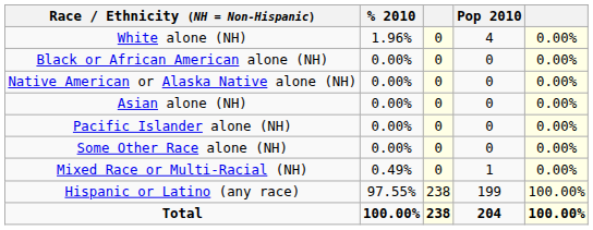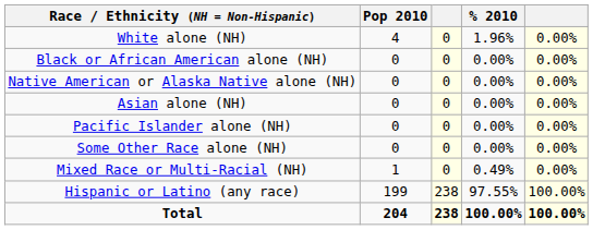 <table class="wikitable" style="text-align:center;">
 <tr>
 <th>Race / Ethnicity <small>(<em>NH = Non-Hispanic</em>)</small></th>
+<th>Pop 2010</th>
+<th></th>
 <th>% 2010</th>
-<th></th>
-<th>Pop 2010</th>
 <th></th>
 </tr>
 <tr>
 <td><a href='#'>White</a> alone (NH)</td>
+<td>4</td>
+<td style='background: #ffffe6;'>0</td>
 <td>1.96%</td>
-<td style='background: #ffffe6;'>0</td>
-<td>4</td>
 <td style='background: #ffffe6;'>0.00%</td>
 </tr>
 <tr>
 <td><a href='#'>Black or African American</a> alone (NH)</td>
+<td>0</td>
+<td style='background: #ffffe6;'>0</td>
 <td>0.00%</td>
-<td style='background: #ffffe6;'>0</td>
-<td>0</td>
 <td style='background: #ffffe6;'>0.00%</td>
 </tr>
 <tr>
 <td><a href='#'>Native American</a> or <a href='#'>Alaska Native</a> alone (NH)</td>
+<td>0</td>
+<td style='background: #ffffe6;'>0</td>
 <td>0.00%</td>
-<td style='background: #ffffe6;'>0</td>
-<td>0</td>
 <td style='background: #ffffe6;'>0.00%</td>
 </tr>
 <tr>
 <td><a href='#'>Asian</a> alone (NH)</td>
+<td>0</td>
+<td style='background: #ffffe6;'>0</td>
 <td>0.00%</td>
-<td style='background: #ffffe6;'>0</td>
-<td>0</td>
 <td style='background: #ffffe6;'>0.00%</td>
 </tr>
 <tr>
 <td><a href='#'>Pacific Islander</a> alone (NH)</td>
+<td>0</td>
+<td style='background: #ffffe6;'>0</td>
 <td>0.00%</td>
-<td style='background: #ffffe6;'>0</td>
-<td>0</td>
 <td style='background: #ffffe6;'>0.00%</td>
 </tr>
 <tr>
 <td><a href='#'>Some Other Race</a> alone (NH)</td>
+<td>0</td>
+<td style='background: #ffffe6;'>0</td>
 <td>0.00%</td>
-<td style='background: #ffffe6;'>0</td>
-<td>0</td>
 <td style='background: #ffffe6;'>0.00%</td>
 </tr>
 <tr>
 <td><a href='#'>Mixed Race or Multi-Racial</a> (NH)</td>
+<td>1</td>
+<td style='background: #ffffe6;'>0</td>
 <td>0.49%</td>
-<td style='background: #ffffe6;'>0</td>
-<td>1</td>
 <td style='background: #ffffe6;'>0.00%</td>
 </tr>
 <tr>
 <td><a href='#'>Hispanic or Latino</a> (any race)</td>
+<td>199</td>
+<td style='background: #ffffe6;'>238</td>
 <td>97.55%</td>
-<td style='background: #ffffe6;'>238</td>
-<td>199</td>
 <td style='background: #ffffe6;'>100.00%</td>
 </tr>
 <tr>
 <td><strong>Total</strong></td>
+<td><strong>204</strong></td>
+<td style='background: #ffffe6;'><strong>238</strong></td>
 <td><strong>100.00%</strong></td>
-<td style='background: #ffffe6;'><strong>238</strong></td>
-<td><strong>204</strong></td>
 <td style='background: #ffffe6;'><strong>100.00%</strong></td>
 </tr>
 </table>
